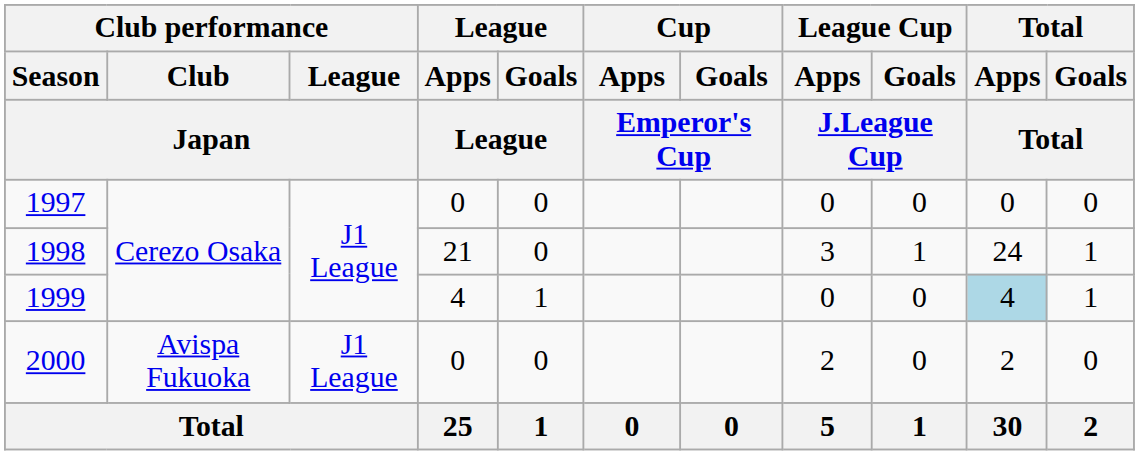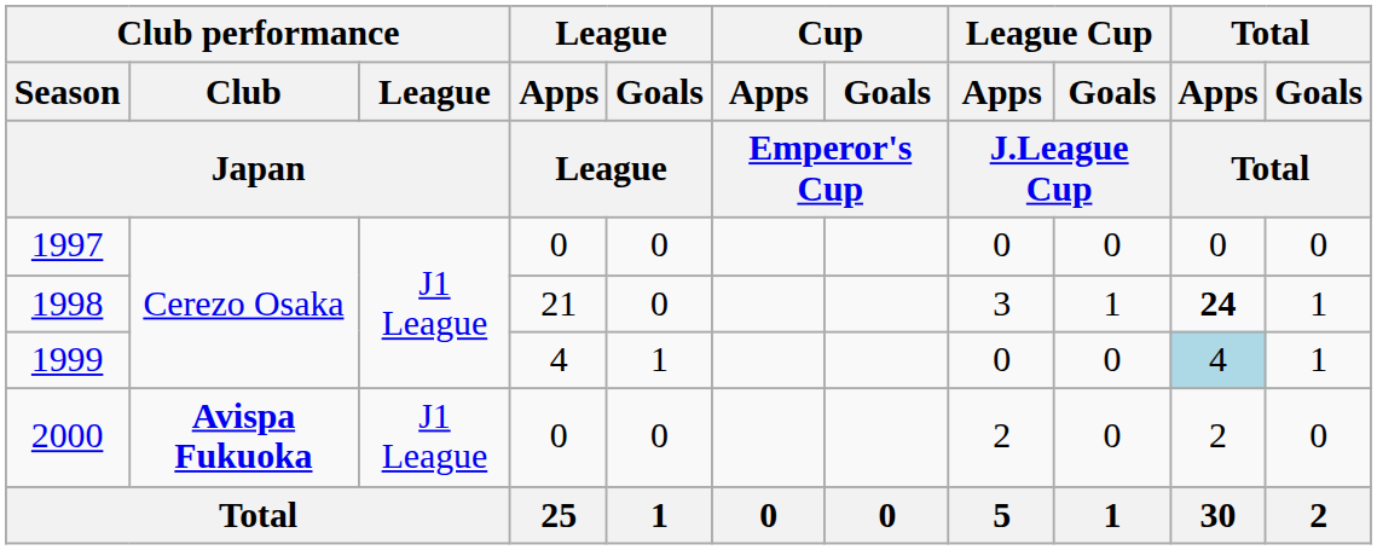 <table class="wikitable" style="text-align:center;">
 <tr>
 <th colspan=3>Club performance</th>
 <th colspan=2>League</th>
 <th colspan=2>Cup</th>
 <th colspan=2>League Cup</th>
 <th colspan=2>Total</th>
 </tr>
 <tr>
 <th>Season</th>
 <th>Club</th>
 <th>League</th>
 <th>Apps</th>
 <th>Goals</th>
 <th>Apps</th>
 <th>Goals</th>
 <th>Apps</th>
 <th>Goals</th>
 <th>Apps</th>
 <th>Goals</th>
 </tr>
 <tr>
 <th colspan=3>Japan</th>
 <th colspan=2>League</th>
 <th colspan=2><a href='#'>Emperor's Cup</a></th>
 <th colspan=2><a href='#'>J.League Cup</a></th>
 <th colspan=2>Total</th>
 </tr>
 <tr>
 <td><a href='#'>1997</a></td>
 <td rowspan="3"><a href='#'>Cerezo Osaka</a></td>
 <td rowspan="3"><a href='#'>J1 League</a></td>
 <td>0</td>
 <td>0</td>
 <td></td>
 <td></td>
 <td>0</td>
 <td>0</td>
 <td>0</td>
 <td>0</td>
 </tr>
 <tr>
 <td><a href='#'>1998</a></td>
 <td>21</td>
 <td>0</td>
 <td></td>
 <td></td>
 <td>3</td>
 <td>1</td>
-<td>24</td>
+<td><strong>24</strong></td>
 <td>1</td>
 </tr>
 <tr>
 <td><a href='#'>1999</a></td>
 <td>4</td>
 <td>1</td>
 <td></td>
 <td></td>
 <td>0</td>
 <td>0</td>
 <td style="background: lightblue;">4</td>
 <td>1</td>
 </tr>
 <tr>
 <td><a href='#'>2000</a></td>
-<td><a href='#'>Avispa Fukuoka</a></td>
+<td><strong><a href='#'>Avispa Fukuoka</a></strong></td>
 <td><a href='#'>J1 League</a></td>
 <td>0</td>
 <td>0</td>
 <td></td>
 <td></td>
 <td>2</td>
 <td>0</td>
 <td>2</td>
 <td>0</td>
 </tr>
 <tr>
 <th colspan=3>Total</th>
 <th>25</th>
 <th>1</th>
 <th>0</th>
 <th>0</th>
 <th>5</th>
 <th>1</th>
 <th>30</th>
 <th>2</th>
 </tr>
 </table>
